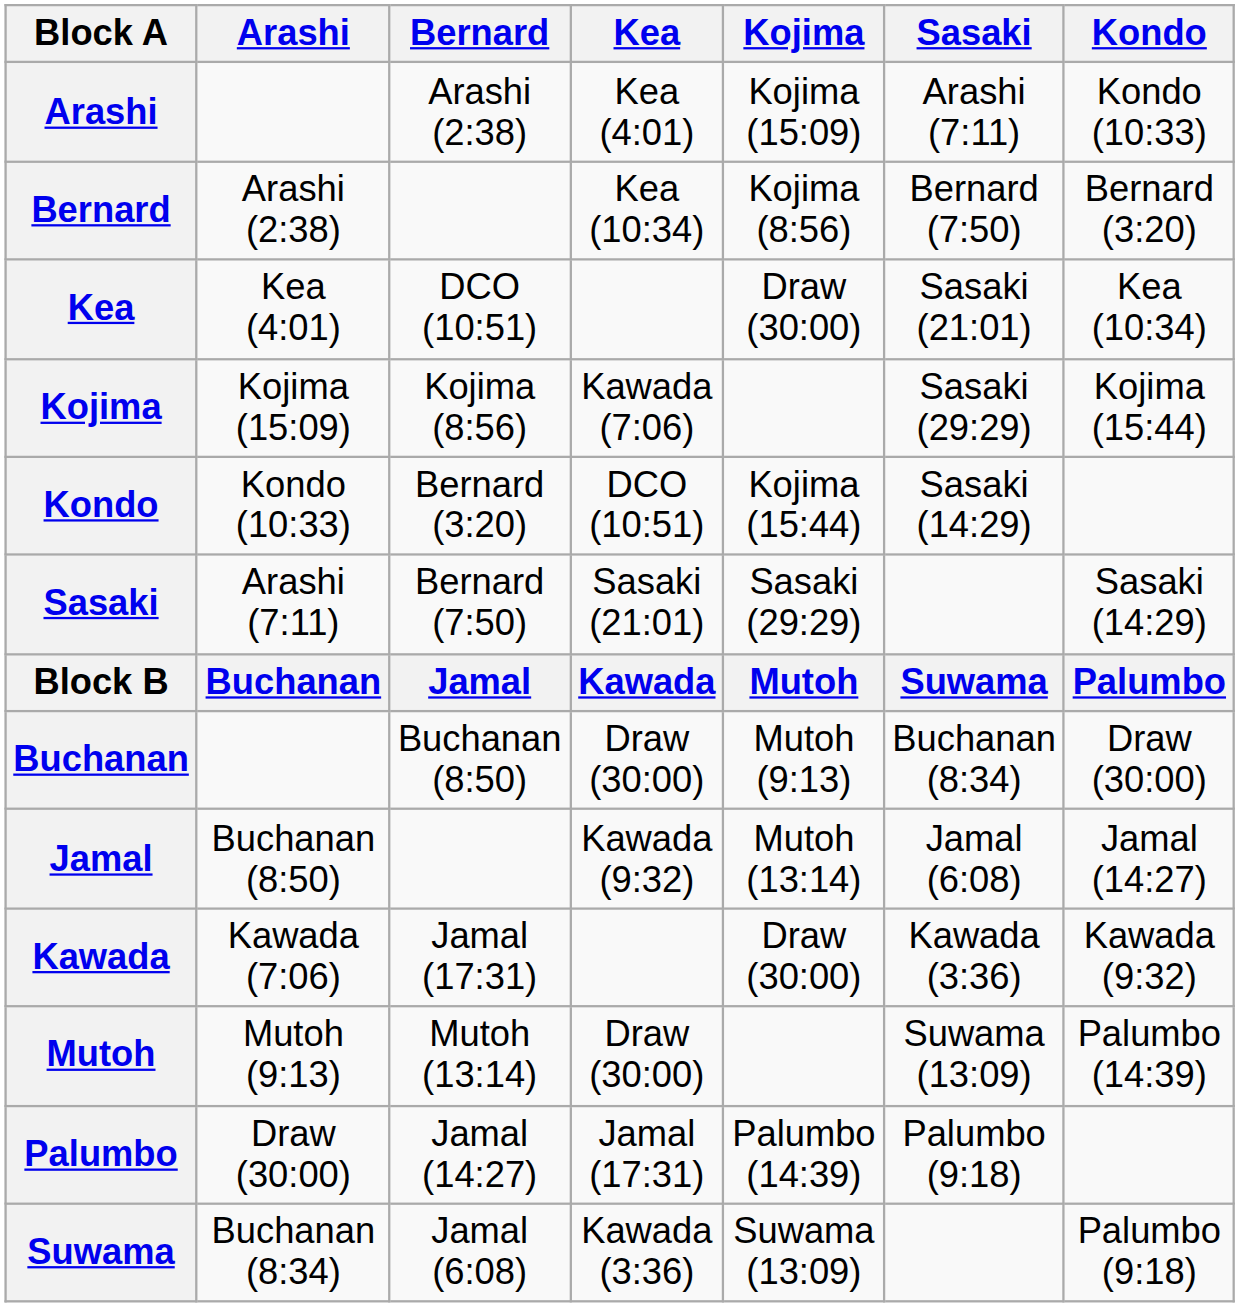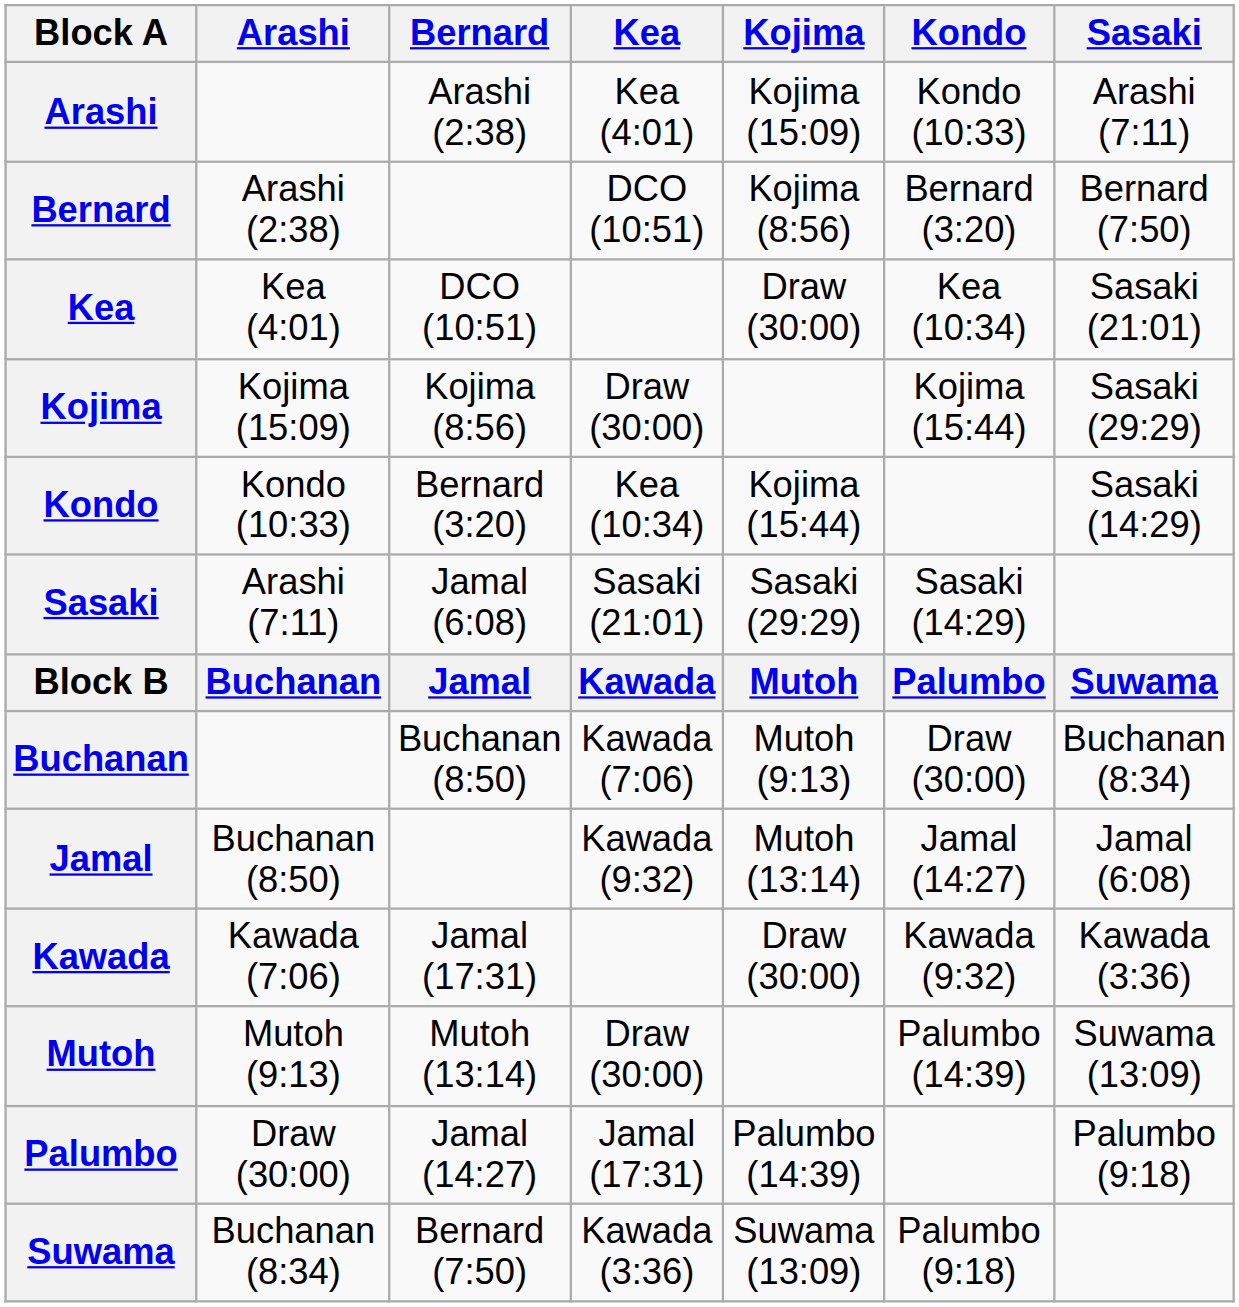 <table class="wikitable" style="margin: 1em auto 1em auto;text-align:center;">
 <tr>
 <th>Block A</th>
 <th><a href='#'>Arashi</a></th>
 <th><a href='#'>Bernard</a></th>
 <th><a href='#'>Kea</a></th>
 <th><a href='#'>Kojima</a></th>
+<th><a href='#'>Kondo</a></th>
 <th><a href='#'>Sasaki</a></th>
-<th><a href='#'>Kondo</a></th>
 </tr>
 <tr>
 <th><a href='#'>Arashi</a></th>
 <td></td>
 <td>Arashi<br>(2:38)</td>
 <td>Kea<br>(4:01)</td>
 <td>Kojima<br>(15:09)</td>
+<td>Kondo<br>(10:33)</td>
 <td>Arashi<br>(7:11)</td>
-<td>Kondo<br>(10:33)</td>
 </tr>
 <tr>
 <th><a href='#'>Bernard</a></th>
 <td>Arashi<br>(2:38)</td>
 <td></td>
-<td>Kea<br>(10:34)</td>
+<td>DCO<br>(10:51)</td>
 <td>Kojima<br>(8:56)</td>
+<td>Bernard<br>(3:20)</td>
 <td>Bernard<br>(7:50)</td>
-<td>Bernard<br>(3:20)</td>
 </tr>
 <tr>
 <th><a href='#'>Kea</a></th>
 <td>Kea<br>(4:01)</td>
 <td>DCO<br>(10:51)</td>
 <td></td>
 <td>Draw<br>(30:00)</td>
+<td>Kea<br>(10:34)</td>
 <td>Sasaki<br>(21:01)</td>
-<td>Kea<br>(10:34)</td>
 </tr>
 <tr>
 <th><a href='#'>Kojima</a></th>
 <td>Kojima<br>(15:09)</td>
 <td>Kojima<br>(8:56)</td>
-<td>Kawada<br>(7:06)</td>
+<td>Draw<br>(30:00)</td>
 <td></td>
+<td>Kojima<br>(15:44)</td>
 <td>Sasaki<br>(29:29)</td>
-<td>Kojima<br>(15:44)</td>
 </tr>
 <tr>
 <th><a href='#'>Kondo</a></th>
 <td>Kondo<br>(10:33)</td>
 <td>Bernard<br>(3:20)</td>
-<td>DCO<br>(10:51)</td>
+<td>Kea<br>(10:34)</td>
 <td>Kojima<br>(15:44)</td>
+<td></td>
 <td>Sasaki<br>(14:29)</td>
-<td></td>
 </tr>
 <tr>
 <th><a href='#'>Sasaki</a></th>
 <td>Arashi<br>(7:11)</td>
-<td>Bernard<br>(7:50)</td>
+<td>Jamal<br>(6:08)</td>
 <td>Sasaki<br>(21:01)</td>
 <td>Sasaki<br>(29:29)</td>
+<td>Sasaki<br>(14:29)</td>
 <td></td>
-<td>Sasaki<br>(14:29)</td>
 </tr>
 <tr>
 <th>Block B</th>
 <th><a href='#'>Buchanan</a></th>
 <th><a href='#'>Jamal</a></th>
 <th><a href='#'>Kawada</a></th>
 <th><a href='#'>Mutoh</a></th>
+<th><a href='#'>Palumbo</a></th>
 <th><a href='#'>Suwama</a></th>
-<th><a href='#'>Palumbo</a></th>
 </tr>
 <tr>
 <th><a href='#'>Buchanan</a></th>
 <td></td>
 <td>Buchanan<br>(8:50)</td>
+<td>Kawada<br>(7:06)</td>
+<td>Mutoh<br>(9:13)</td>
 <td>Draw<br>(30:00)</td>
-<td>Mutoh<br>(9:13)</td>
 <td>Buchanan<br>(8:34)</td>
-<td>Draw<br>(30:00)</td>
 </tr>
 <tr>
 <th><a href='#'>Jamal</a></th>
 <td>Buchanan<br>(8:50)</td>
 <td></td>
 <td>Kawada<br>(9:32)</td>
 <td>Mutoh<br>(13:14)</td>
+<td>Jamal<br>(14:27)</td>
 <td>Jamal<br>(6:08)</td>
-<td>Jamal<br>(14:27)</td>
 </tr>
 <tr>
 <th><a href='#'>Kawada</a></th>
 <td>Kawada<br>(7:06)</td>
 <td>Jamal<br>(17:31)</td>
 <td></td>
 <td>Draw<br>(30:00)</td>
+<td>Kawada<br>(9:32)</td>
 <td>Kawada<br>(3:36)</td>
-<td>Kawada<br>(9:32)</td>
 </tr>
 <tr>
 <th><a href='#'>Mutoh</a></th>
 <td>Mutoh<br>(9:13)</td>
 <td>Mutoh<br>(13:14)</td>
 <td>Draw<br>(30:00)</td>
 <td></td>
+<td>Palumbo<br>(14:39)</td>
 <td>Suwama<br>(13:09)</td>
-<td>Palumbo<br>(14:39)</td>
 </tr>
 <tr>
 <th><a href='#'>Palumbo</a></th>
 <td>Draw<br>(30:00)</td>
 <td>Jamal<br>(14:27)</td>
 <td>Jamal<br>(17:31)</td>
 <td>Palumbo<br>(14:39)</td>
+<td></td>
 <td>Palumbo<br>(9:18)</td>
-<td></td>
 </tr>
 <tr>
 <th><a href='#'>Suwama</a></th>
 <td>Buchanan<br>(8:34)</td>
-<td>Jamal<br>(6:08)</td>
+<td>Bernard<br>(7:50)</td>
 <td>Kawada<br>(3:36)</td>
 <td>Suwama<br>(13:09)</td>
+<td>Palumbo<br>(9:18)</td>
 <td></td>
-<td>Palumbo<br>(9:18)</td>
 </tr>
 </table>
